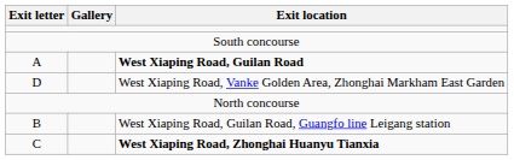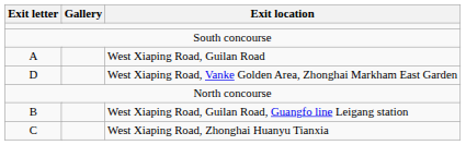 <table class="wikitable">
 <tr>
 <th style="width:70px" colspan=2>Exit letter</th>
 <th>Gallery</th>
 <th>Exit location</th>
 </tr>
 <tr style="background:#">
 <td colspan="4"></td>
 </tr>
 <tr>
 <td align="center" colspan="4">South concourse</td>
 </tr>
 <tr>
 <td align=center colspan=2>A</td>
 <td></td>
-<td><strong>West Xiaping Road, Guilan Road</strong></td>
+<td>West Xiaping Road, Guilan Road</td>
 </tr>
 <tr>
 <td align=center colspan=2>D</td>
 <td></td>
 <td>West Xiaping Road, <a href='#'>Vanke</a> Golden Area, Zhonghai Markham East Garden</td>
 </tr>
 <tr>
 <td align="center" colspan="4">North concourse</td>
 </tr>
 <tr>
 <td align=center colspan=2>B</td>
 <td></td>
 <td>West Xiaping Road, Guilan Road, <a href='#'>Guangfo line</a> Leigang station</td>
 </tr>
 <tr>
 <td align=center colspan=2>C</td>
 <td></td>
-<td><strong>West Xiaping Road, Zhonghai Huanyu Tianxia</strong></td>
+<td>West Xiaping Road, Zhonghai Huanyu Tianxia</td>
 </tr>
 </table>
